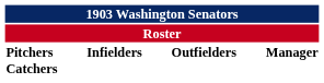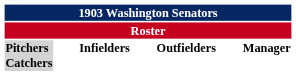 <table class="toccolours" style="font-size: 95%;">
 <tr>
 <th colspan="10" style="background-color: #072764; color: white; text-align: center;">1903 Washington Senators</th>
 </tr>
 <tr>
 <td colspan="10" style="background-color: #c6011f; color: white; text-align: center;"><strong>Roster</strong></td>
 </tr>
 <tr>
-<td valign="top"><strong>Pitchers</strong><br>     <strong>Catchers</strong>  </td>
+<td valign="top" style="background: lightgrey;"><strong>Pitchers</strong><br>     <strong>Catchers</strong>  </td>
 <td width="25px"></td>
 <td valign="top"><strong>Infielders</strong><br>        </td>
 <td width="25px"></td>
 <td valign="top"><strong>Outfielders</strong><br>     </td>
 <td width="25px"></td>
 <td valign="top"><strong>Manager</strong><br></td>
 </tr>
 </table>
